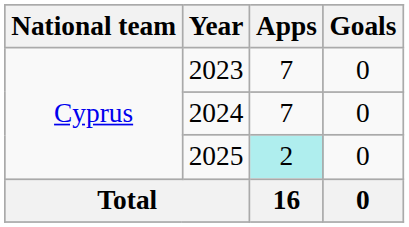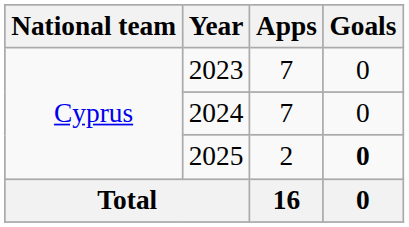 <table class="wikitable" style="text-align: center;">
 <tr>
 <th>National team</th>
 <th>Year</th>
 <th>Apps</th>
 <th>Goals</th>
 </tr>
 <tr>
 <td rowspan="3"><a href='#'>Cyprus</a></td>
 <td>2023</td>
 <td>7</td>
 <td>0</td>
 </tr>
 <tr>
 <td>2024</td>
 <td>7</td>
 <td>0</td>
 </tr>
 <tr>
 <td>2025</td>
-<td style="background: paleturquoise;">2</td>
-<td>0</td>
+<td>2</td>
+<td><strong>0</strong></td>
 </tr>
 <tr>
 <th colspan="2">Total</th>
 <th>16</th>
 <th>0</th>
 </tr>
 </table>
